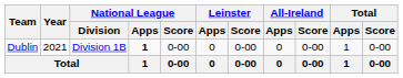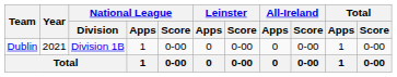 <table class="wikitable" style="text-align:center">
 <tr>
 <th rowspan="2">Team</th>
 <th rowspan="2">Year</th>
 <th colspan="3"><a href='#'>National League</a></th>
 <th colspan="2"><a href='#'>Leinster</a></th>
 <th colspan="2"><a href='#'>All-Ireland</a></th>
 <th colspan="2">Total</th>
 </tr>
 <tr>
 <th>Division</th>
 <th>Apps</th>
 <th>Score</th>
 <th>Apps</th>
 <th>Score</th>
 <th>Apps</th>
 <th>Score</th>
 <th>Apps</th>
 <th>Score</th>
 </tr>
 <tr>
 <td rowspan="1"><a href='#'>Dublin</a></td>
 <td>2021</td>
 <td rowspan="1"><a href='#'>Division 1B</a></td>
-<td><strong>1</strong></td>
+<td>1</td>
 <td>0-00</td>
 <td>0</td>
 <td>0-00</td>
 <td>0</td>
 <td>0-00</td>
 <td>1</td>
 <td>0-00</td>
 </tr>
 <tr>
 <th colspan="3">Total</th>
 <th>1</th>
 <th>0-00</th>
 <th>0</th>
 <th>0-00</th>
 <th>0</th>
 <th>0-00</th>
 <th>1</th>
 <th>0-00</th>
 </tr>
 </table>
